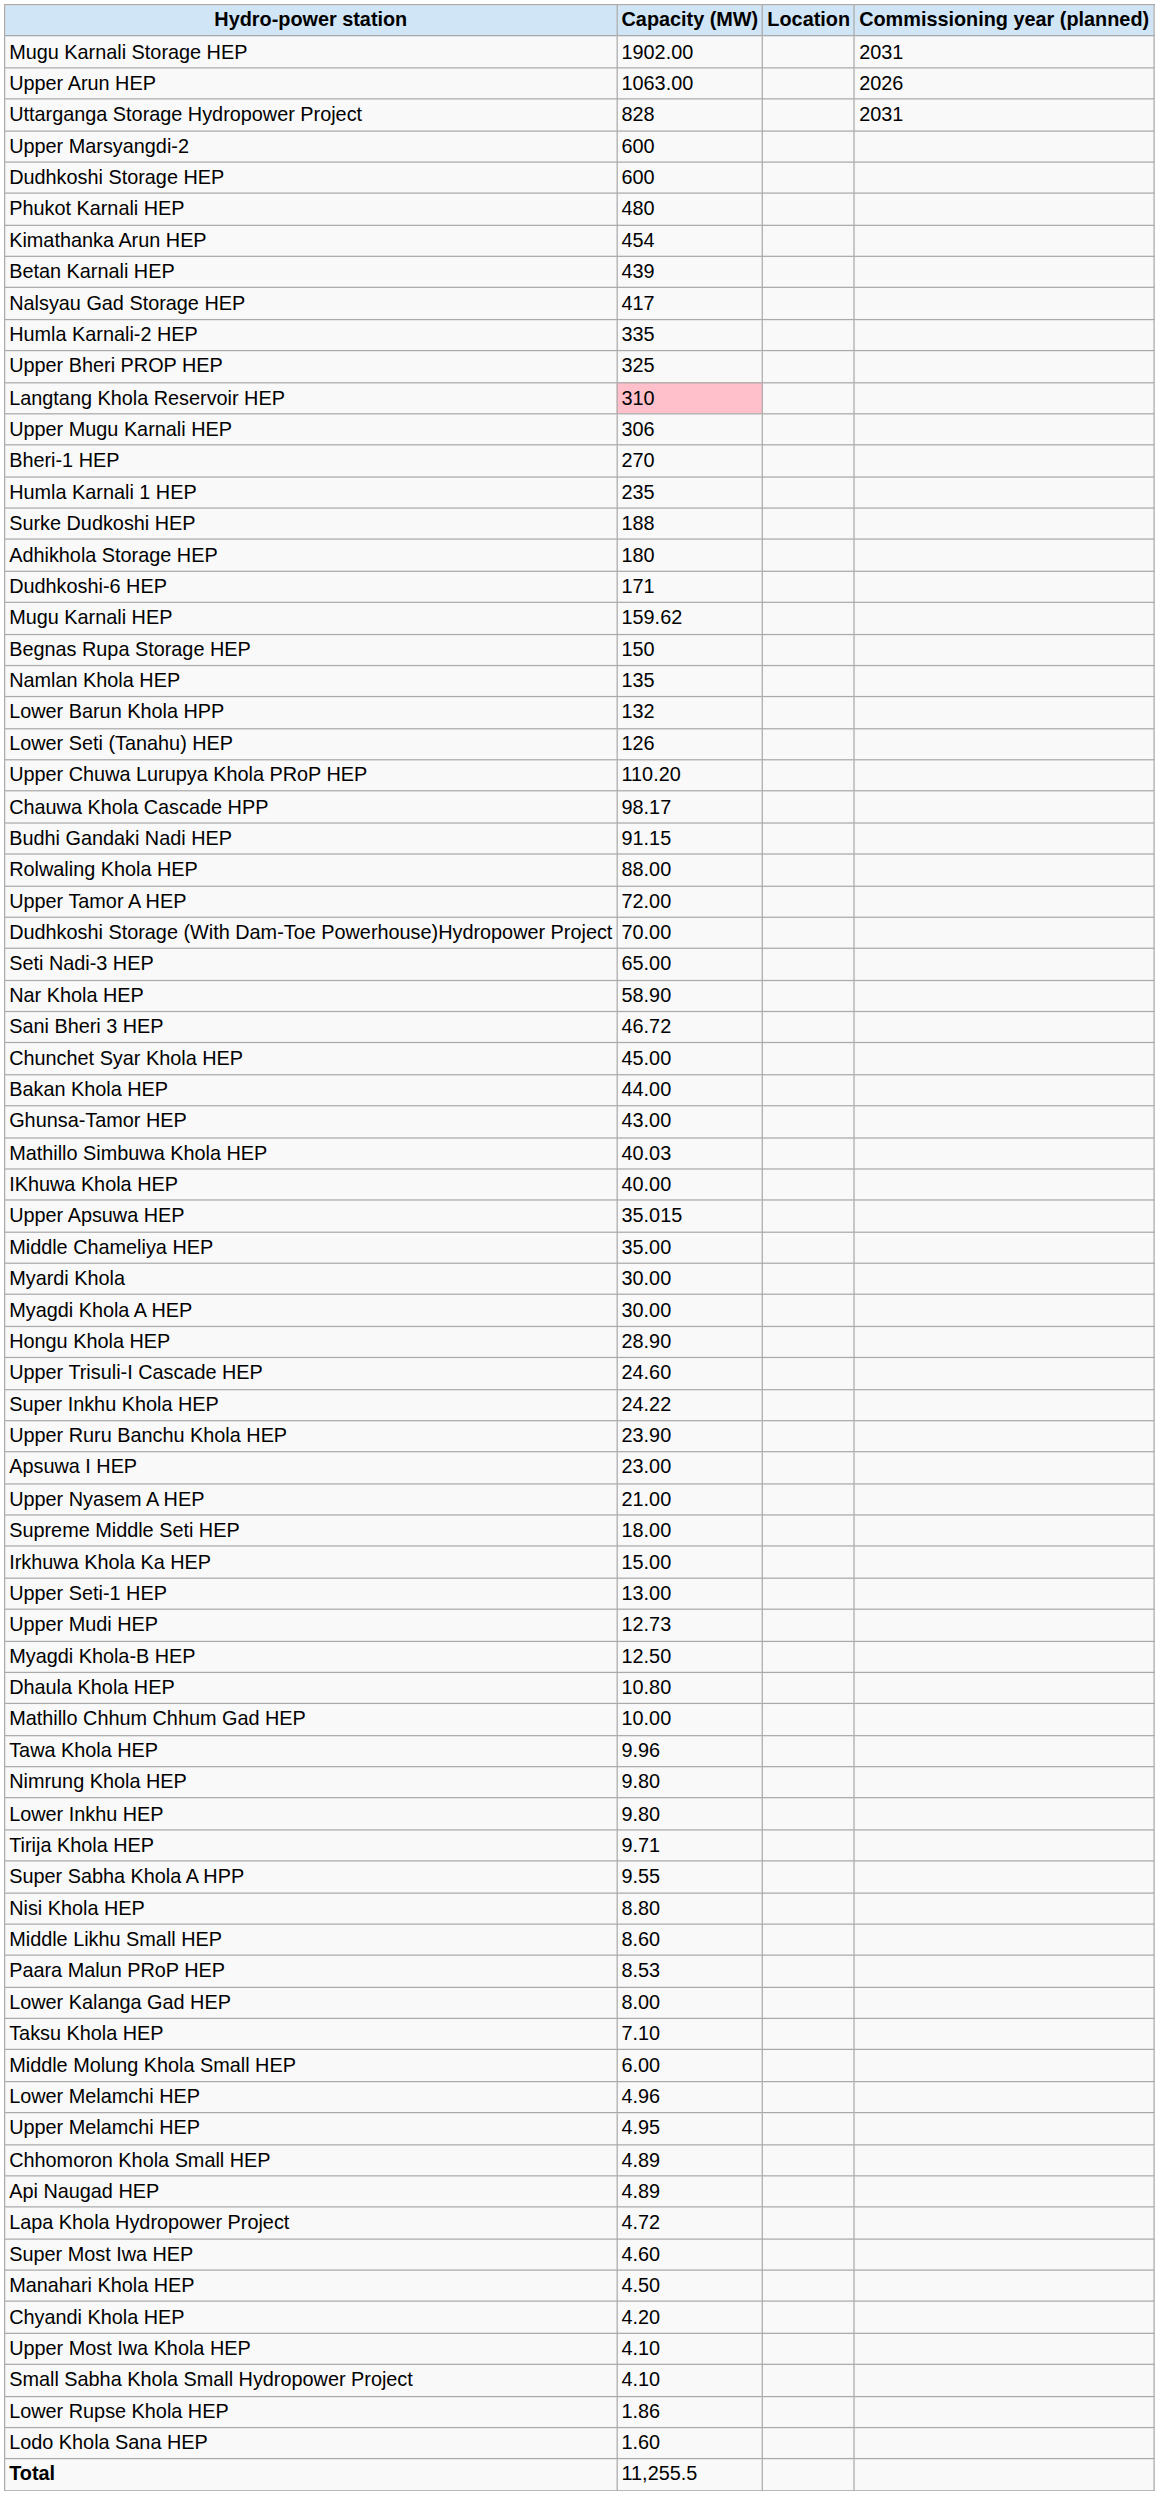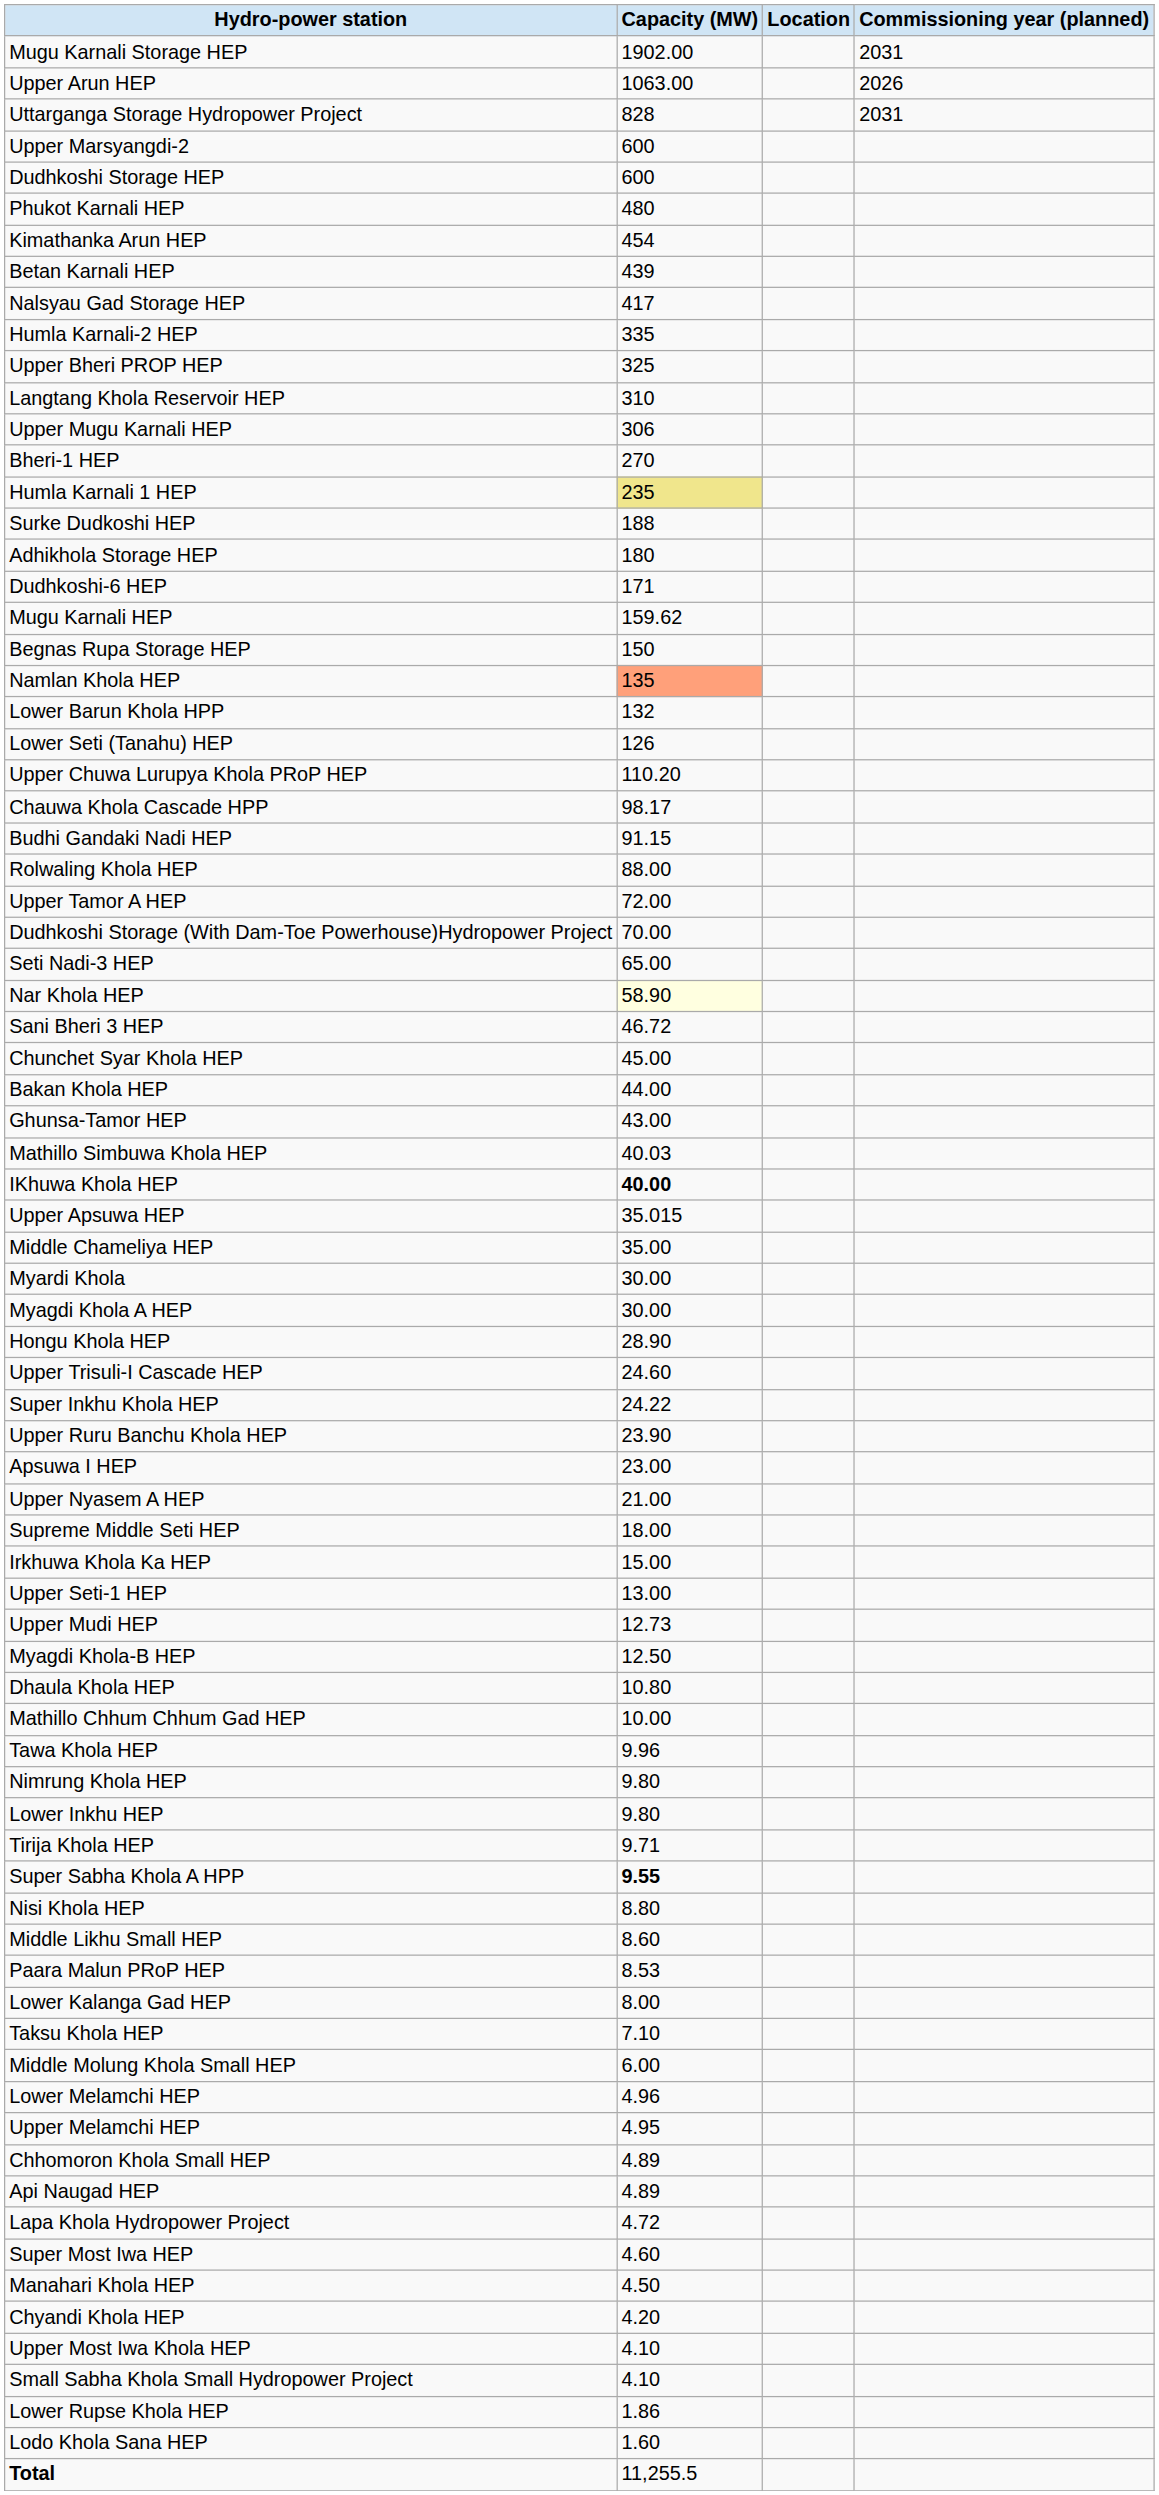 <table class="wikitable sortable ">
 <tr>
 <th style="background:#d0e5f5">Hydro-power station</th>
 <th style="background:#d0e5f5">Capacity (MW)</th>
 <th style="background:#d0e5f5">Location</th>
 <th style="background:#d0e5f5">Commissioning year (planned)</th>
 </tr>
 <tr>
 <td>Mugu Karnali Storage HEP</td>
 <td>1902.00</td>
 <td></td>
 <td>2031</td>
 </tr>
 <tr>
 <td>Upper Arun HEP</td>
 <td>1063.00</td>
 <td></td>
 <td>2026</td>
 </tr>
 <tr>
 <td>Uttarganga Storage Hydropower Project</td>
 <td>828</td>
 <td></td>
 <td>2031</td>
 </tr>
 <tr>
 <td>Upper Marsyangdi-2</td>
 <td>600</td>
 <td></td>
 <td></td>
 </tr>
 <tr>
 <td>Dudhkoshi Storage HEP</td>
 <td>600</td>
 <td></td>
 <td></td>
 </tr>
 <tr>
 <td>Phukot Karnali HEP</td>
 <td>480</td>
 <td></td>
 <td></td>
 </tr>
 <tr>
 <td>Kimathanka Arun HEP</td>
 <td>454</td>
 <td></td>
 <td></td>
 </tr>
 <tr>
 <td>Betan Karnali HEP</td>
 <td>439</td>
 <td></td>
 <td></td>
 </tr>
 <tr>
 <td>Nalsyau Gad Storage HEP</td>
 <td>417</td>
 <td></td>
 <td></td>
 </tr>
 <tr>
 <td>Humla Karnali-2 HEP</td>
 <td>335</td>
 <td></td>
 <td></td>
 </tr>
 <tr>
 <td>Upper Bheri PROP HEP</td>
 <td>325</td>
 <td></td>
 <td></td>
 </tr>
 <tr>
 <td>Langtang Khola Reservoir HEP</td>
-<td style="background: pink;">310</td>
+<td>310</td>
 <td></td>
 <td></td>
 </tr>
 <tr>
 <td>Upper Mugu Karnali HEP</td>
 <td>306</td>
 <td></td>
 <td></td>
 </tr>
 <tr>
 <td>Bheri-1 HEP</td>
 <td>270</td>
 <td></td>
 <td></td>
 </tr>
 <tr>
 <td>Humla Karnali 1 HEP</td>
-<td>235</td>
+<td style="background: khaki;">235</td>
 <td></td>
 <td></td>
 </tr>
 <tr>
 <td>Surke Dudkoshi HEP</td>
 <td>188</td>
 <td></td>
 <td></td>
 </tr>
 <tr>
 <td>Adhikhola Storage HEP</td>
 <td>180</td>
 <td></td>
 <td></td>
 </tr>
 <tr>
 <td>Dudhkoshi-6 HEP</td>
 <td>171</td>
 <td></td>
 <td></td>
 </tr>
 <tr>
 <td>Mugu Karnali HEP</td>
 <td>159.62</td>
 <td></td>
 <td></td>
 </tr>
 <tr>
 <td>Begnas Rupa Storage HEP</td>
 <td>150</td>
 <td></td>
 <td></td>
 </tr>
 <tr>
 <td>Namlan Khola HEP</td>
-<td>135</td>
+<td style="background: lightsalmon;">135</td>
 <td></td>
 <td></td>
 </tr>
 <tr>
 <td>Lower Barun Khola HPP</td>
 <td>132</td>
 <td></td>
 <td></td>
 </tr>
 <tr>
 <td>Lower Seti (Tanahu) HEP</td>
 <td>126</td>
 <td></td>
 <td></td>
 </tr>
 <tr>
 <td>Upper Chuwa Lurupya Khola PRoP HEP</td>
 <td>110.20</td>
 <td></td>
 <td></td>
 </tr>
 <tr>
 <td>Chauwa Khola Cascade HPP</td>
 <td>98.17</td>
 <td></td>
 <td></td>
 </tr>
 <tr>
 <td>Budhi Gandaki Nadi HEP</td>
 <td>91.15</td>
 <td></td>
 <td></td>
 </tr>
 <tr>
 <td>Rolwaling Khola HEP</td>
 <td>88.00</td>
 <td></td>
 <td></td>
 </tr>
 <tr>
 <td>Upper Tamor A HEP</td>
 <td>72.00</td>
 <td></td>
 <td></td>
 </tr>
 <tr>
 <td>Dudhkoshi Storage (With Dam-Toe Powerhouse)Hydropower Project</td>
 <td>70.00</td>
 <td></td>
 <td></td>
 </tr>
 <tr>
 <td>Seti Nadi-3 HEP</td>
 <td>65.00</td>
 <td></td>
 <td></td>
 </tr>
 <tr>
 <td>Nar Khola HEP</td>
-<td>58.90</td>
+<td style="background: lightyellow;">58.90</td>
 <td></td>
 <td></td>
 </tr>
 <tr>
 <td>Sani Bheri 3 HEP</td>
 <td>46.72</td>
 <td></td>
 <td></td>
 </tr>
 <tr>
 <td>Chunchet Syar Khola HEP</td>
 <td>45.00</td>
 <td></td>
 <td></td>
 </tr>
 <tr>
 <td>Bakan Khola HEP</td>
 <td>44.00</td>
 <td></td>
 <td></td>
 </tr>
 <tr>
 <td>Ghunsa-Tamor HEP</td>
 <td>43.00</td>
 <td></td>
 <td></td>
 </tr>
 <tr>
 <td>Mathillo Simbuwa Khola HEP</td>
 <td>40.03</td>
 <td></td>
 <td></td>
 </tr>
 <tr>
 <td>IKhuwa Khola HEP</td>
-<td>40.00</td>
+<td><strong>40.00</strong></td>
 <td></td>
 <td></td>
 </tr>
 <tr>
 <td>Upper Apsuwa HEP</td>
 <td>35.015</td>
 <td></td>
 <td></td>
 </tr>
 <tr>
 <td>Middle Chameliya HEP</td>
 <td>35.00</td>
 <td></td>
 <td></td>
 </tr>
 <tr>
 <td>Myardi Khola</td>
 <td>30.00</td>
 <td></td>
 <td></td>
 </tr>
 <tr>
 <td>Myagdi Khola A HEP</td>
 <td>30.00</td>
 <td></td>
 <td></td>
 </tr>
 <tr>
 <td>Hongu Khola HEP</td>
 <td>28.90</td>
 <td></td>
 <td></td>
 </tr>
 <tr>
 <td>Upper Trisuli-I Cascade HEP</td>
 <td>24.60</td>
 <td></td>
 <td></td>
 </tr>
 <tr>
 <td>Super Inkhu Khola HEP</td>
 <td>24.22</td>
 <td></td>
 <td></td>
 </tr>
 <tr>
 <td>Upper Ruru Banchu Khola HEP</td>
 <td>23.90</td>
 <td></td>
 <td></td>
 </tr>
 <tr>
 <td>Apsuwa I HEP</td>
 <td>23.00</td>
 <td></td>
 <td></td>
 </tr>
 <tr>
 <td>Upper Nyasem A HEP</td>
 <td>21.00</td>
 <td></td>
 <td></td>
 </tr>
 <tr>
 <td>Supreme Middle Seti HEP</td>
 <td>18.00</td>
 <td></td>
 <td></td>
 </tr>
 <tr>
 <td>Irkhuwa Khola Ka HEP</td>
 <td>15.00</td>
 <td></td>
 <td></td>
 </tr>
 <tr>
 <td>Upper Seti-1 HEP</td>
 <td>13.00</td>
 <td></td>
 <td></td>
 </tr>
 <tr>
 <td>Upper Mudi HEP</td>
 <td>12.73</td>
 <td></td>
 <td></td>
 </tr>
 <tr>
 <td>Myagdi Khola-B HEP</td>
 <td>12.50</td>
 <td></td>
 <td></td>
 </tr>
 <tr>
 <td>Dhaula Khola HEP</td>
 <td>10.80</td>
 <td></td>
 <td></td>
 </tr>
 <tr>
 <td>Mathillo Chhum Chhum Gad HEP</td>
 <td>10.00</td>
 <td></td>
 <td></td>
 </tr>
 <tr>
 <td>Tawa Khola HEP</td>
 <td>9.96</td>
 <td></td>
 <td></td>
 </tr>
 <tr>
 <td>Nimrung Khola HEP</td>
 <td>9.80</td>
 <td></td>
 <td></td>
 </tr>
 <tr>
 <td>Lower Inkhu HEP</td>
 <td>9.80</td>
 <td></td>
 <td></td>
 </tr>
 <tr>
 <td>Tirija Khola HEP</td>
 <td>9.71</td>
 <td></td>
 <td></td>
 </tr>
 <tr>
 <td>Super Sabha Khola A HPP</td>
-<td>9.55</td>
+<td><strong>9.55</strong></td>
 <td></td>
 <td></td>
 </tr>
 <tr>
 <td>Nisi Khola HEP</td>
 <td>8.80</td>
 <td></td>
 <td></td>
 </tr>
 <tr>
 <td>Middle Likhu Small HEP</td>
 <td>8.60</td>
 <td></td>
 <td></td>
 </tr>
 <tr>
 <td>Paara Malun PRoP HEP</td>
 <td>8.53</td>
 <td></td>
 <td></td>
 </tr>
 <tr>
 <td>Lower Kalanga Gad HEP</td>
 <td>8.00</td>
 <td></td>
 <td></td>
 </tr>
 <tr>
 <td>Taksu Khola HEP</td>
 <td>7.10</td>
 <td></td>
 <td></td>
 </tr>
 <tr>
 <td>Middle Molung Khola Small HEP</td>
 <td>6.00</td>
 <td></td>
 <td></td>
 </tr>
 <tr>
 <td>Lower Melamchi HEP</td>
 <td>4.96</td>
 <td></td>
 <td></td>
 </tr>
 <tr>
 <td>Upper Melamchi HEP</td>
 <td>4.95</td>
 <td></td>
 <td></td>
 </tr>
 <tr>
 <td>Chhomoron Khola Small HEP</td>
 <td>4.89</td>
 <td></td>
 <td></td>
 </tr>
 <tr>
 <td>Api Naugad HEP</td>
 <td>4.89</td>
 <td></td>
 <td></td>
 </tr>
 <tr>
 <td>Lapa Khola Hydropower Project</td>
 <td>4.72</td>
 <td></td>
 <td></td>
 </tr>
 <tr>
 <td>Super Most Iwa HEP</td>
 <td>4.60</td>
 <td></td>
 <td></td>
 </tr>
 <tr>
 <td>Manahari Khola HEP</td>
 <td>4.50</td>
 <td></td>
 <td></td>
 </tr>
 <tr>
 <td>Chyandi Khola HEP</td>
 <td>4.20</td>
 <td></td>
 <td></td>
 </tr>
 <tr>
 <td>Upper Most Iwa Khola HEP</td>
 <td>4.10</td>
 <td></td>
 <td></td>
 </tr>
 <tr>
 <td>Small Sabha Khola Small Hydropower Project</td>
 <td>4.10</td>
 <td></td>
 <td></td>
 </tr>
 <tr>
 <td>Lower Rupse Khola HEP</td>
 <td>1.86</td>
 <td></td>
 <td></td>
 </tr>
 <tr>
 <td>Lodo Khola Sana HEP</td>
 <td>1.60</td>
 <td></td>
 <td></td>
 </tr>
 <tr>
 <td><strong>Total</strong></td>
 <td>11,255.5</td>
 <td></td>
 <td></td>
 </tr>
 </table>
